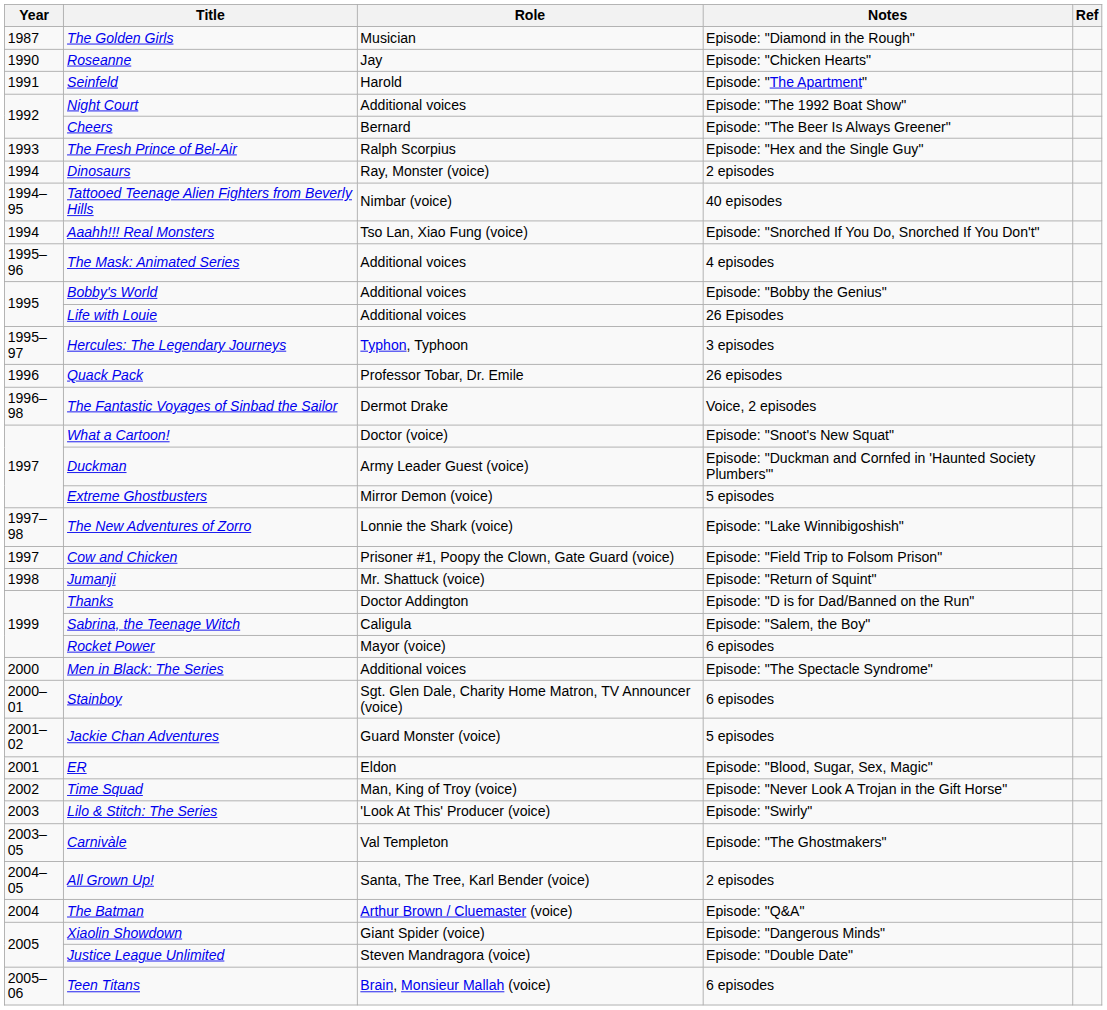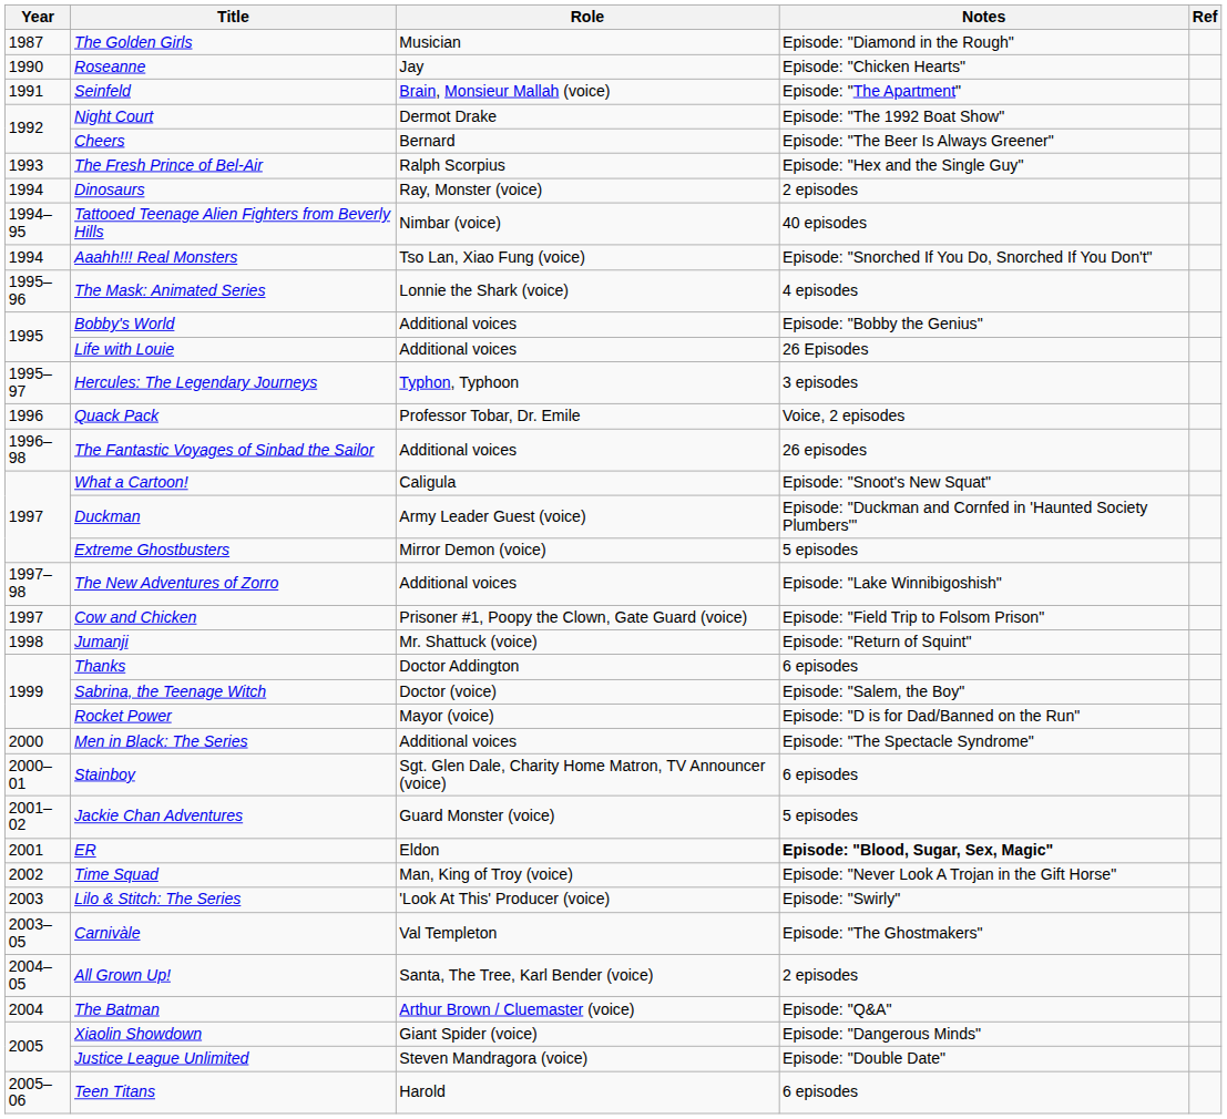 <table class="wikitable sortable plainrowheaders">
 <tr>
 <th>Year</th>
 <th>Title</th>
 <th>Role</th>
 <th>Notes</th>
 <th>Ref</th>
 </tr>
 <tr>
 <td>1987</td>
 <td><em><a href='#'>The Golden Girls</a></em></td>
 <td>Musician</td>
 <td>Episode: "Diamond in the Rough"</td>
 <td></td>
 </tr>
 <tr>
 <td>1990</td>
 <td><em><a href='#'>Roseanne</a></em></td>
 <td>Jay</td>
 <td>Episode: "Chicken Hearts"</td>
 <td></td>
 </tr>
 <tr>
 <td>1991</td>
 <td><em><a href='#'>Seinfeld</a></em></td>
-<td>Harold</td>
+<td><a href='#'>Brain</a>, <a href='#'>Monsieur Mallah</a> (voice)</td>
 <td>Episode: "<a href='#'>The Apartment</a>"</td>
 <td></td>
 </tr>
 <tr>
 <td rowspan="2">1992</td>
 <td><em><a href='#'>Night Court</a></em></td>
-<td>Additional voices</td>
+<td>Dermot Drake</td>
 <td>Episode: "The 1992 Boat Show"</td>
 <td></td>
 </tr>
 <tr>
 <td><em><a href='#'>Cheers</a></em></td>
 <td>Bernard</td>
 <td>Episode: "The Beer Is Always Greener"</td>
 <td></td>
 </tr>
 <tr>
 <td>1993</td>
 <td><em><a href='#'>The Fresh Prince of Bel-Air</a></em></td>
 <td>Ralph Scorpius</td>
 <td>Episode: "Hex and the Single Guy"</td>
 <td></td>
 </tr>
 <tr>
 <td>1994</td>
 <td><em><a href='#'>Dinosaurs</a></em></td>
 <td>Ray, Monster (voice)</td>
 <td>2 episodes</td>
 <td></td>
 </tr>
 <tr>
 <td>1994–95</td>
 <td><em><a href='#'>Tattooed Teenage Alien Fighters from Beverly Hills</a></em></td>
 <td>Nimbar (voice)</td>
 <td>40 episodes</td>
 <td></td>
 </tr>
 <tr>
 <td>1994</td>
 <td><em><a href='#'>Aaahh!!! Real Monsters</a></em></td>
 <td>Tso Lan, Xiao Fung (voice)</td>
 <td>Episode: "Snorched If You Do, Snorched If You Don't"</td>
 <td></td>
 </tr>
 <tr>
 <td>1995–96</td>
 <td><em><a href='#'>The Mask: Animated Series</a></em></td>
-<td>Additional voices</td>
+<td>Lonnie the Shark (voice)</td>
 <td>4 episodes</td>
 <td></td>
 </tr>
 <tr>
 <td rowspan="2">1995</td>
 <td><em><a href='#'>Bobby's World</a></em></td>
 <td>Additional voices</td>
 <td>Episode: "Bobby the Genius"</td>
 <td></td>
 </tr>
 <tr>
 <td><em><a href='#'>Life with Louie</a></em></td>
 <td>Additional voices</td>
 <td>26 Episodes</td>
 <td></td>
 </tr>
 <tr>
 <td>1995–97</td>
 <td><em><a href='#'>Hercules: The Legendary Journeys</a></em></td>
 <td><a href='#'>Typhon</a>, Typhoon</td>
 <td>3 episodes</td>
 <td></td>
 </tr>
 <tr>
 <td>1996</td>
 <td><em><a href='#'>Quack Pack</a></em></td>
 <td>Professor Tobar, Dr. Emile</td>
-<td>26 episodes</td>
+<td>Voice, 2 episodes</td>
 <td></td>
 </tr>
 <tr>
 <td>1996–98</td>
 <td><em><a href='#'>The Fantastic Voyages of Sinbad the Sailor</a></em></td>
-<td>Dermot Drake</td>
-<td>Voice, 2 episodes</td>
+<td>Additional voices</td>
+<td>26 episodes</td>
 <td></td>
 </tr>
 <tr>
 <td rowspan="3">1997</td>
 <td><em><a href='#'>What a Cartoon!</a></em></td>
-<td>Doctor (voice)</td>
+<td>Caligula</td>
 <td>Episode: "Snoot's New Squat"</td>
 <td></td>
 </tr>
 <tr>
 <td><em><a href='#'>Duckman</a></em></td>
 <td>Army Leader Guest (voice)</td>
 <td>Episode: "Duckman and Cornfed in 'Haunted Society Plumbers'"</td>
 <td></td>
 </tr>
 <tr>
 <td><em><a href='#'>Extreme Ghostbusters</a></em></td>
 <td>Mirror Demon (voice)</td>
 <td>5 episodes</td>
 <td></td>
 </tr>
 <tr>
 <td>1997–98</td>
 <td><em><a href='#'>The New Adventures of Zorro</a></em></td>
-<td>Lonnie the Shark (voice)</td>
+<td>Additional voices</td>
 <td>Episode: "Lake Winnibigoshish"</td>
 <td></td>
 </tr>
 <tr>
 <td>1997</td>
 <td><em><a href='#'>Cow and Chicken</a></em></td>
 <td>Prisoner #1, Poopy the Clown, Gate Guard (voice)</td>
 <td>Episode: "Field Trip to Folsom Prison"</td>
 <td></td>
 </tr>
 <tr>
 <td>1998</td>
 <td><em><a href='#'>Jumanji</a></em></td>
 <td>Mr. Shattuck (voice)</td>
 <td>Episode: "Return of Squint"</td>
 <td></td>
 </tr>
 <tr>
 <td rowspan="3">1999</td>
 <td><em><a href='#'>Thanks</a></em></td>
 <td>Doctor Addington</td>
-<td>Episode: "D is for Dad/Banned on the Run"</td>
+<td>6 episodes</td>
 <td></td>
 </tr>
 <tr>
 <td><em><a href='#'>Sabrina, the Teenage Witch</a></em></td>
-<td>Caligula</td>
+<td>Doctor (voice)</td>
 <td>Episode: "Salem, the Boy"</td>
 <td></td>
 </tr>
 <tr>
 <td><em><a href='#'>Rocket Power</a></em></td>
 <td>Mayor (voice)</td>
-<td>6 episodes</td>
+<td>Episode: "D is for Dad/Banned on the Run"</td>
 <td></td>
 </tr>
 <tr>
 <td>2000</td>
 <td><em><a href='#'>Men in Black: The Series</a></em></td>
 <td>Additional voices</td>
 <td>Episode: "The Spectacle Syndrome"</td>
 <td></td>
 </tr>
 <tr>
 <td>2000–01</td>
 <td><em><a href='#'>Stainboy</a></em></td>
 <td>Sgt. Glen Dale, Charity Home Matron, TV Announcer (voice)</td>
 <td>6 episodes</td>
 <td></td>
 </tr>
 <tr>
 <td>2001–02</td>
 <td><em><a href='#'>Jackie Chan Adventures</a></em></td>
 <td>Guard Monster (voice)</td>
 <td>5 episodes</td>
 <td></td>
 </tr>
 <tr>
 <td>2001</td>
 <td><em><a href='#'>ER</a></em></td>
 <td>Eldon</td>
-<td>Episode: "Blood, Sugar, Sex, Magic"</td>
+<td><strong>Episode: "Blood, Sugar, Sex, Magic"</strong></td>
 </tr>
 <tr>
 <td>2002</td>
 <td><em><a href='#'>Time Squad</a></em></td>
 <td>Man, King of Troy (voice)</td>
 <td>Episode: "Never Look A Trojan in the Gift Horse"</td>
 <td></td>
 </tr>
 <tr>
 <td>2003</td>
 <td><em><a href='#'>Lilo & Stitch: The Series</a></em></td>
 <td>'Look At This' Producer (voice)</td>
 <td>Episode: "Swirly"</td>
 <td></td>
 </tr>
 <tr>
 <td>2003–05</td>
 <td><em><a href='#'>Carnivàle</a></em></td>
 <td>Val Templeton</td>
 <td>Episode: "The Ghostmakers"</td>
 <td></td>
 </tr>
 <tr>
 <td>2004–05</td>
 <td><em><a href='#'>All Grown Up!</a></em></td>
 <td>Santa, The Tree, Karl Bender (voice)</td>
 <td>2 episodes</td>
 <td></td>
 </tr>
 <tr>
 <td>2004</td>
 <td><em><a href='#'>The Batman</a></em></td>
 <td><a href='#'>Arthur Brown / Cluemaster</a> (voice)</td>
 <td>Episode: "Q&A"</td>
 <td></td>
 </tr>
 <tr>
 <td rowspan="2">2005</td>
 <td><em><a href='#'>Xiaolin Showdown</a></em></td>
 <td>Giant Spider (voice)</td>
 <td>Episode: "Dangerous Minds"</td>
 <td></td>
 </tr>
 <tr>
 <td><em><a href='#'>Justice League Unlimited</a></em></td>
 <td>Steven Mandragora (voice)</td>
 <td>Episode: "Double Date"</td>
 <td></td>
 </tr>
 <tr>
 <td>2005–06</td>
 <td><em><a href='#'>Teen Titans</a></em></td>
-<td><a href='#'>Brain</a>, <a href='#'>Monsieur Mallah</a> (voice)</td>
+<td>Harold</td>
 <td>6 episodes</td>
 <td></td>
 </tr>
 </table>
